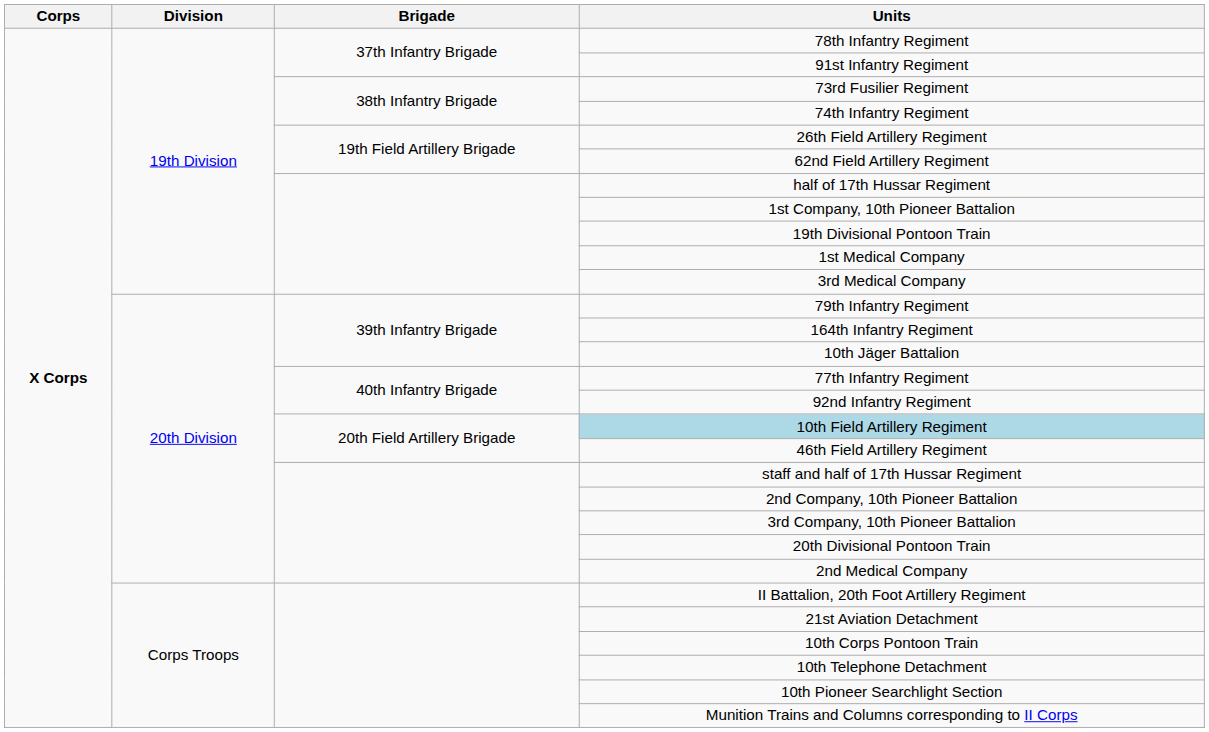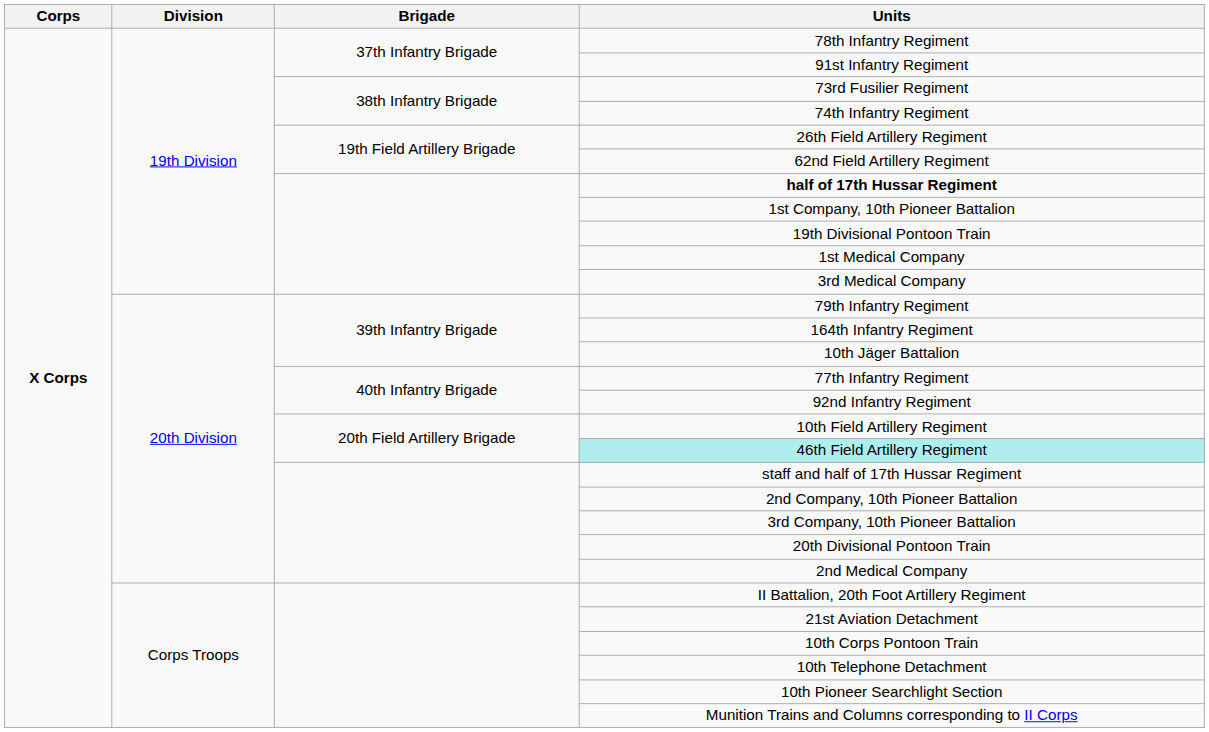 <table class="wikitable collapsible collapsed" style="text-align:center; width:100%;">
 <tr>
 <th>Corps</th>
 <th>Division</th>
 <th>Brigade</th>
 <th>Units</th>
 </tr>
 <tr>
 <td ROWSPAN=29><strong>X Corps</strong></td>
 <td ROWSPAN=11><a href='#'>19th Division</a></td>
 <td ROWSPAN=2>37th Infantry Brigade</td>
 <td>78th Infantry Regiment</td>
 </tr>
 <tr>
 <td>91st Infantry Regiment</td>
 </tr>
 <tr>
 <td ROWSPAN=2>38th Infantry Brigade</td>
 <td>73rd Fusilier Regiment</td>
 </tr>
 <tr>
 <td>74th Infantry Regiment</td>
 </tr>
 <tr>
 <td ROWSPAN=2>19th Field Artillery Brigade</td>
 <td>26th Field Artillery Regiment</td>
 </tr>
 <tr>
 <td>62nd Field Artillery Regiment</td>
 </tr>
 <tr>
 <td ROWSPAN=5></td>
-<td>half of 17th Hussar Regiment</td>
+<td><strong>half of 17th Hussar Regiment</strong></td>
 </tr>
 <tr>
 <td>1st Company, 10th Pioneer Battalion</td>
 </tr>
 <tr>
 <td>19th Divisional Pontoon Train</td>
 </tr>
 <tr>
 <td>1st Medical Company</td>
 </tr>
 <tr>
 <td>3rd Medical Company</td>
 </tr>
 <tr>
 <td ROWSPAN=12><a href='#'>20th Division</a></td>
 <td ROWSPAN=3>39th Infantry Brigade</td>
 <td>79th Infantry Regiment</td>
 </tr>
 <tr>
 <td>164th Infantry Regiment</td>
 </tr>
 <tr>
 <td>10th Jäger Battalion</td>
 </tr>
 <tr>
 <td ROWSPAN=2>40th Infantry Brigade</td>
 <td>77th Infantry Regiment</td>
 </tr>
 <tr>
 <td>92nd Infantry Regiment</td>
 </tr>
 <tr>
 <td ROWSPAN=2>20th Field Artillery Brigade</td>
-<td style="background: lightblue;">10th Field Artillery Regiment</td>
+<td>10th Field Artillery Regiment</td>
 </tr>
 <tr>
-<td>46th Field Artillery Regiment</td>
+<td style="background: paleturquoise;">46th Field Artillery Regiment</td>
 </tr>
 <tr>
 <td ROWSPAN=5></td>
 <td>staff and half of 17th Hussar Regiment</td>
 </tr>
 <tr>
 <td>2nd Company, 10th Pioneer Battalion</td>
 </tr>
 <tr>
 <td>3rd Company, 10th Pioneer Battalion</td>
 </tr>
 <tr>
 <td>20th Divisional Pontoon Train</td>
 </tr>
 <tr>
 <td>2nd Medical Company</td>
 </tr>
 <tr>
 <td ROWSPAN=6>Corps Troops</td>
 <td ROWSPAN=6></td>
 <td>II Battalion, 20th Foot Artillery Regiment</td>
 </tr>
 <tr>
 <td>21st Aviation Detachment</td>
 </tr>
 <tr>
 <td>10th Corps Pontoon Train</td>
 </tr>
 <tr>
 <td>10th Telephone Detachment</td>
 </tr>
 <tr>
 <td>10th Pioneer Searchlight Section</td>
 </tr>
 <tr>
 <td>Munition Trains and Columns corresponding to <a href='#'>II Corps</a></td>
 </tr>
 </table>
